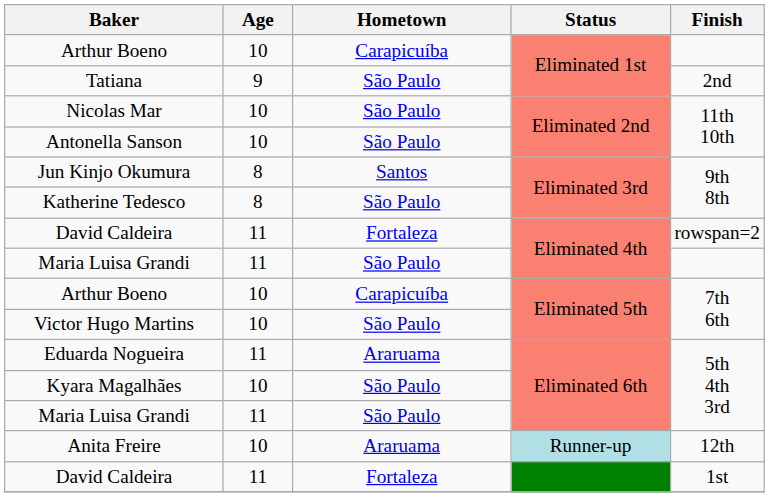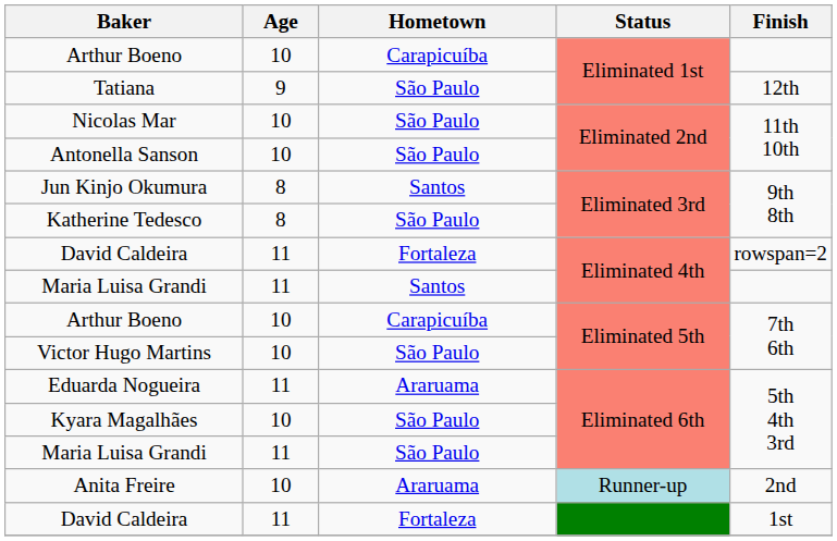 <table class="wikitable" style="text-align:center">
 <tr>
 <th width=175>Baker</th>
 <th width=050>Age</th>
 <th width=175>Hometown</th>
 <th width=125>Status</th>
 <th width=050>Finish</th>
 </tr>
 <tr>
 <td>Arthur Boeno</td>
 <td>10</td>
 <td><a href='#'>Carapicuíba</a></td>
 <td rowspan=2 bgcolor=FA8072>Eliminated 1st</td>
 <td></td>
 </tr>
 <tr>
 <td>Tatiana</td>
 <td>9</td>
 <td><a href='#'>São Paulo</a></td>
-<td>2nd</td>
+<td>12th</td>
 </tr>
 <tr>
 <td>Nicolas Mar</td>
 <td>10</td>
 <td><a href='#'>São Paulo</a></td>
 <td rowspan=2 bgcolor=FA8072>Eliminated 2nd</td>
 <td rowspan=2>11th<br>10th</td>
 </tr>
 <tr>
 <td>Antonella Sanson</td>
 <td>10</td>
 <td><a href='#'>São Paulo</a></td>
 </tr>
 <tr>
 <td>Jun Kinjo Okumura</td>
 <td>8</td>
 <td><a href='#'>Santos</a></td>
 <td rowspan=2 bgcolor=FA8072>Eliminated 3rd</td>
 <td rowspan=2>9th<br>8th</td>
 </tr>
 <tr>
 <td>Katherine Tedesco</td>
 <td>8</td>
 <td><a href='#'>São Paulo</a></td>
 </tr>
 <tr>
 <td>David Caldeira</td>
 <td>11</td>
 <td><a href='#'>Fortaleza</a></td>
 <td rowspan=2 bgcolor=FA8072>Eliminated 4th</td>
 <td>rowspan=2 </td>
 </tr>
 <tr>
 <td>Maria Luisa Grandi</td>
 <td>11</td>
-<td><a href='#'>São Paulo</a></td>
+<td><a href='#'>Santos</a></td>
 </tr>
 <tr>
 <td>Arthur Boeno</td>
 <td>10</td>
 <td><a href='#'>Carapicuíba</a></td>
 <td rowspan=2 bgcolor=FA8072>Eliminated 5th</td>
 <td rowspan=2>7th<br>6th</td>
 </tr>
 <tr>
 <td>Victor Hugo Martins</td>
 <td>10</td>
 <td><a href='#'>São Paulo</a></td>
 </tr>
 <tr>
 <td>Eduarda Nogueira</td>
 <td>11</td>
 <td><a href='#'>Araruama</a></td>
 <td rowspan=3 bgcolor=FA8072>Eliminated 6th</td>
 <td rowspan=3>5th<br>4th<br>3rd</td>
 </tr>
 <tr>
 <td>Kyara Magalhães</td>
 <td>10</td>
 <td><a href='#'>São Paulo</a></td>
 </tr>
 <tr>
 <td>Maria Luisa Grandi</td>
 <td>11</td>
 <td><a href='#'>São Paulo</a></td>
 </tr>
 <tr>
 <td>Anita Freire</td>
 <td>10</td>
 <td><a href='#'>Araruama</a></td>
 <td bgcolor=B0E0E6>Runner-up</td>
-<td>12th</td>
+<td>2nd</td>
 </tr>
 <tr>
 <td>David Caldeira</td>
 <td>11</td>
 <td><a href='#'>Fortaleza</a></td>
 <td bgcolor=008000></td>
 <td>1st</td>
 </tr>
 <tr>
 </tr>
 </table>
